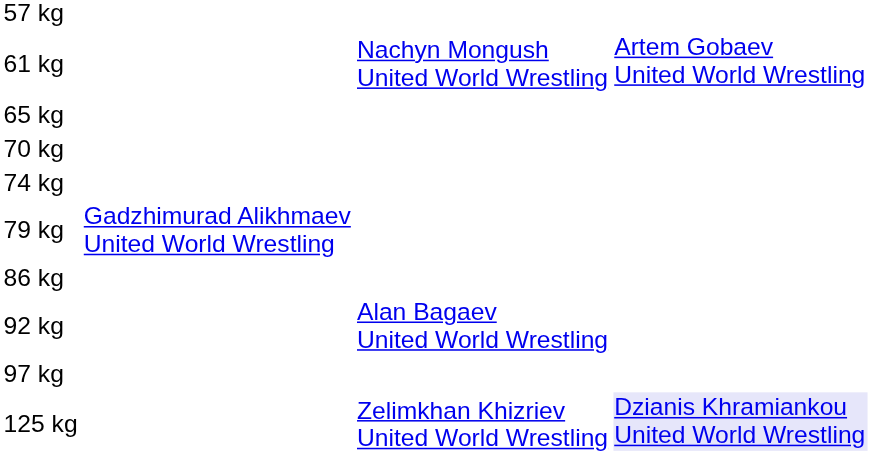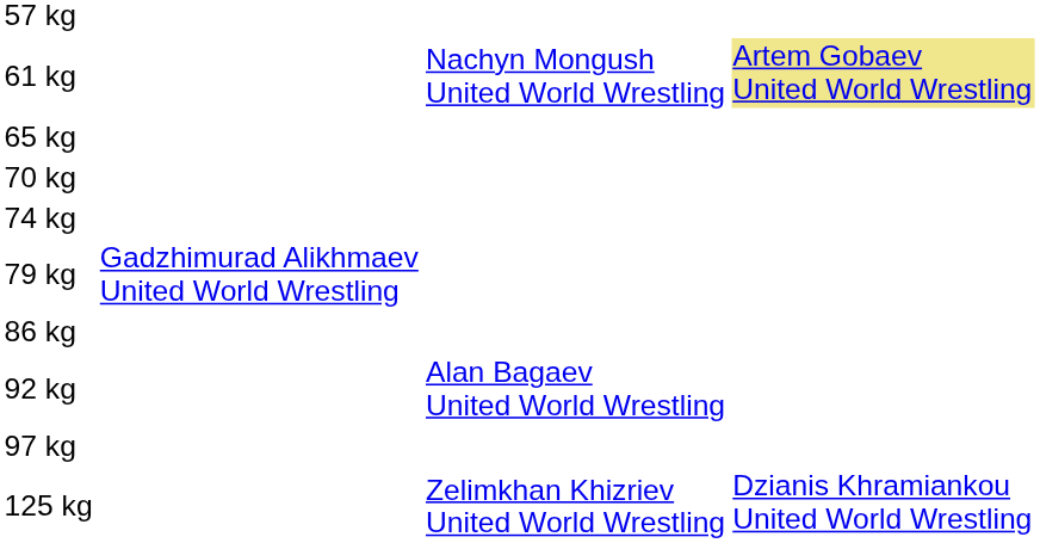 <table>
 <tr>
 <td rowspan=2>57 kg<br></td>
 <td rowspan=2></td>
 <td rowspan=2></td>
 <td></td>
 </tr>
 <tr>
 <td></td>
 </tr>
 <tr>
 <td rowspan=2>61 kg<br></td>
 <td rowspan=2></td>
 <td rowspan=2><a href='#'>Nachyn Mongush</a><br><a href='#'>United World Wrestling</a></td>
-<td><a href='#'>Artem Gobaev</a><br><a href='#'>United World Wrestling</a></td>
+<td style="background: khaki;"><a href='#'>Artem Gobaev</a><br><a href='#'>United World Wrestling</a></td>
 </tr>
 <tr>
 <td></td>
 </tr>
 <tr>
 <td rowspan=2>65 kg<br></td>
 <td rowspan=2></td>
 <td rowspan=2></td>
 <td></td>
 </tr>
 <tr>
 <td></td>
 </tr>
 <tr>
 <td rowspan=2>70 kg<br></td>
 <td rowspan=2></td>
 <td rowspan=2></td>
 <td></td>
 </tr>
 <tr>
 <td></td>
 </tr>
 <tr>
 <td rowspan=2>74 kg<br></td>
 <td rowspan=2></td>
 <td rowspan=2></td>
 <td></td>
 </tr>
 <tr>
 <td></td>
 </tr>
 <tr>
 <td rowspan=2>79 kg<br></td>
 <td rowspan=2><a href='#'>Gadzhimurad Alikhmaev</a><br><a href='#'>United World Wrestling</a></td>
 <td rowspan=2></td>
 <td></td>
 </tr>
 <tr>
 <td></td>
 </tr>
 <tr>
 <td rowspan=2>86 kg<br></td>
 <td rowspan=2></td>
 <td rowspan=2></td>
 <td></td>
 </tr>
 <tr>
 <td></td>
 </tr>
 <tr>
 <td rowspan=2>92 kg<br></td>
 <td rowspan=2></td>
 <td rowspan=2><a href='#'>Alan Bagaev</a><br><a href='#'>United World Wrestling</a></td>
 <td></td>
 </tr>
 <tr>
 <td></td>
 </tr>
 <tr>
 <td rowspan=2>97 kg<br></td>
 <td rowspan=2></td>
 <td rowspan=2></td>
 <td></td>
 </tr>
 <tr>
 <td></td>
 </tr>
 <tr>
 <td rowspan=2>125 kg<br></td>
 <td rowspan=2></td>
 <td rowspan=2><a href='#'>Zelimkhan Khizriev</a><br><a href='#'>United World Wrestling</a></td>
-<td style="background: lavender;"><a href='#'>Dzianis Khramiankou</a><br><a href='#'>United World Wrestling</a></td>
+<td><a href='#'>Dzianis Khramiankou</a><br><a href='#'>United World Wrestling</a></td>
 </tr>
 <tr>
 <td></td>
 </tr>
 </table>
